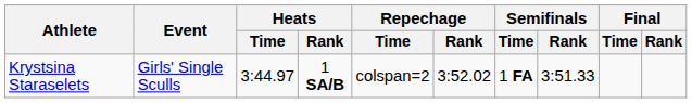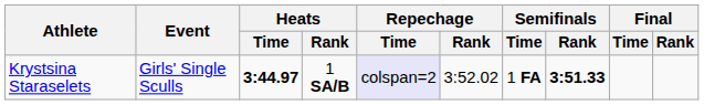 <table class="wikitable" style="font-size:90%">
 <tr>
 <th rowspan="2">Athlete</th>
 <th rowspan="2">Event</th>
 <th colspan="2">Heats</th>
 <th colspan="2">Repechage</th>
 <th colspan="2">Semifinals</th>
 <th colspan="2">Final</th>
 </tr>
 <tr style="font-size:95%">
 <th>Time</th>
 <th>Rank</th>
 <th>Time</th>
 <th>Rank</th>
 <th>Time</th>
 <th>Rank</th>
 <th>Time</th>
 <th>Rank</th>
 </tr>
 <tr align=center>
 <td align=left><a href='#'>Krystsina Staraselets</a></td>
 <td align=left><a href='#'>Girls' Single Sculls</a></td>
-<td>3:44.97</td>
+<td><strong>3:44.97</strong></td>
 <td>1 <strong>SA/B</strong></td>
-<td>colspan=2 </td>
+<td style="background: lavender;">colspan=2 </td>
 <td>3:52.02</td>
 <td>1 <strong>FA</strong></td>
-<td>3:51.33</td>
+<td><strong>3:51.33</strong></td>
 <td></td>
 </tr>
 </table>
